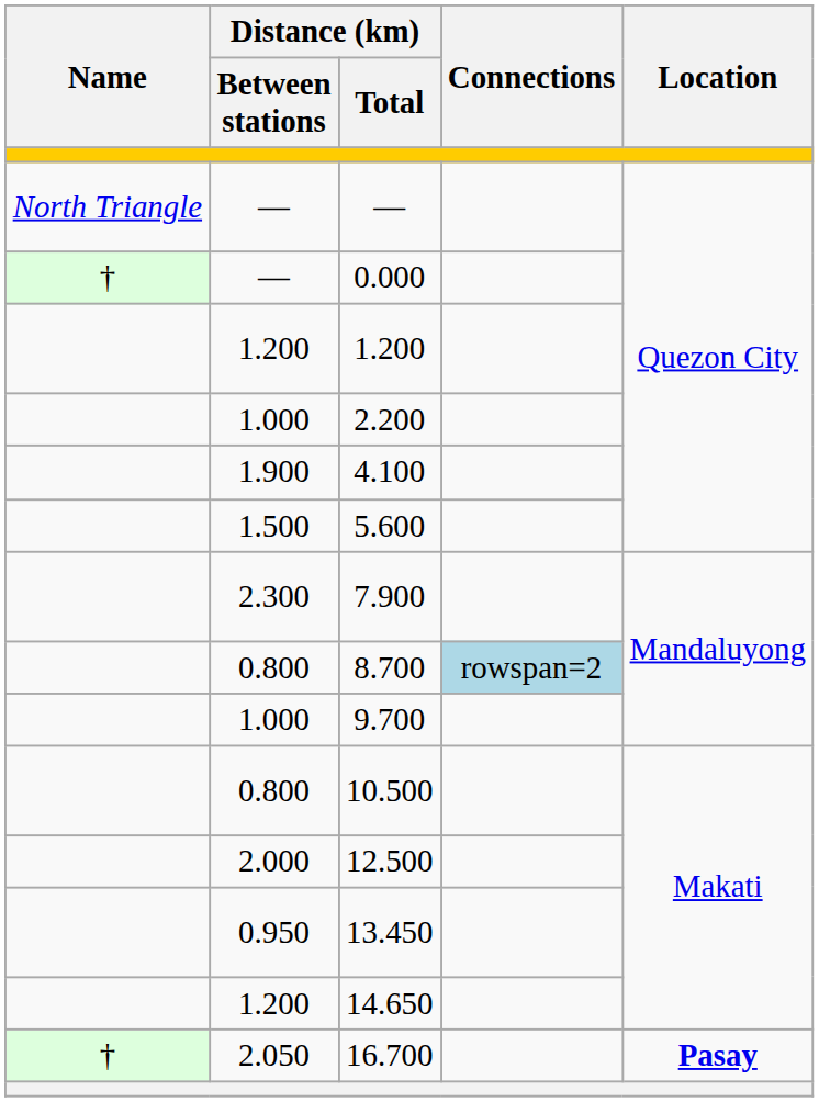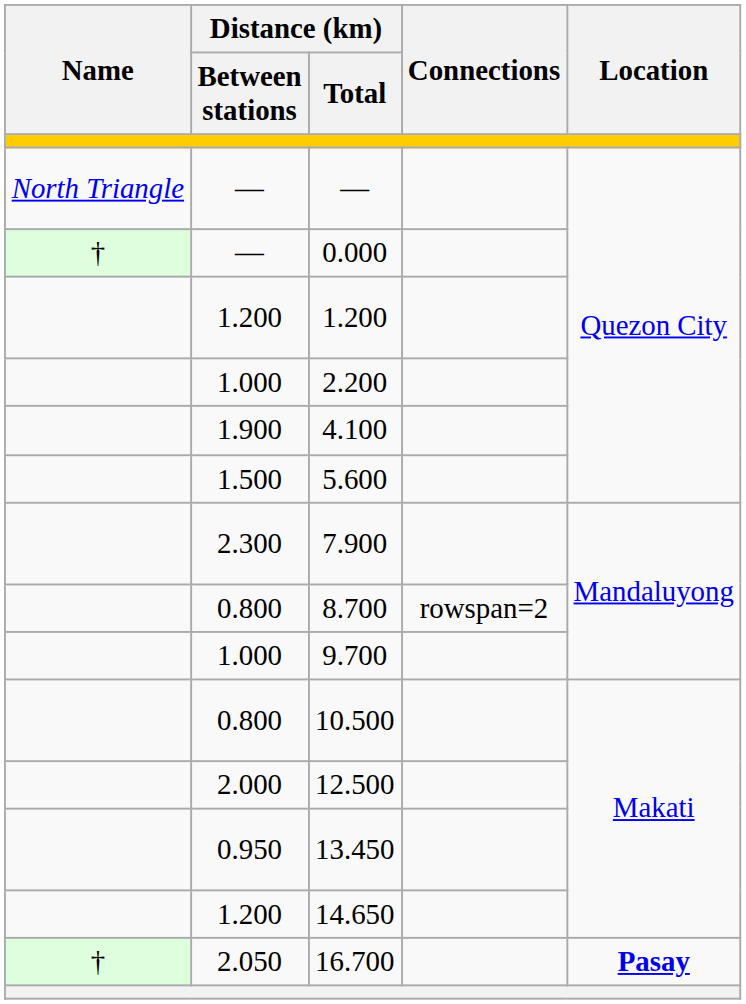 <table class="wikitable collapsible" style="border: none; text-align:center;font-size:95%;">
 <tr>
 <th rowspan="2">Name</th>
 <th colspan="2">Distance (km)</th>
 <th rowspan="2">Connections</th>
 <th rowspan="2">Location</th>
 </tr>
 <tr>
 <th>Between<br>stations</th>
 <th>Total</th>
 </tr>
 <tr style = "background:#ffcc00; height: 2pt">
 <td colspan="6"></td>
 </tr>
 <tr>
 <td><em><a href='#'>North Triangle</a></em></td>
 <td>—</td>
 <td>—</td>
 <td style="text-align:left"><br><br></td>
 <td rowspan="6"><a href='#'>Quezon City</a></td>
 </tr>
 <tr>
 <td style="background-color:#ddffdd"> †</td>
 <td>—</td>
 <td>0.000</td>
 <td style="text-align:left"><br></td>
 </tr>
 <tr>
 <td></td>
 <td>1.200</td>
 <td>1.200</td>
 <td style="text-align:left"><br><br></td>
 </tr>
 <tr>
 <td></td>
 <td>1.000</td>
 <td>2.200</td>
 <td style="text-align:left"><br></td>
 </tr>
 <tr>
 <td></td>
 <td>1.900</td>
 <td>4.100</td>
 <td style="text-align:left"><br></td>
 </tr>
 <tr>
 <td></td>
 <td>1.500</td>
 <td>5.600</td>
 <td style="text-align:left"><br></td>
 </tr>
 <tr>
 <td></td>
 <td>2.300</td>
 <td>7.900</td>
 <td style="text-align:left"><br><br></td>
 <td rowspan="3"><a href='#'>Mandaluyong</a></td>
 </tr>
 <tr>
 <td></td>
 <td>0.800</td>
 <td>8.700</td>
-<td style="background: lightblue;">rowspan=2 </td>
+<td>rowspan=2 </td>
 </tr>
 <tr>
 <td></td>
 <td>1.000</td>
 <td>9.700</td>
 </tr>
 <tr>
 <td></td>
 <td>0.800</td>
 <td>10.500</td>
 <td style="text-align:left"><br><br></td>
 <td rowspan="4"><a href='#'>Makati</a></td>
 </tr>
 <tr>
 <td></td>
 <td>2.000</td>
 <td>12.500</td>
 <td style="text-align:left"></td>
 </tr>
 <tr>
 <td></td>
 <td>0.950</td>
 <td>13.450</td>
 <td style="text-align:left"><br><br></td>
 </tr>
 <tr>
 <td></td>
 <td>1.200</td>
 <td>14.650</td>
 <td style="text-align:left"><br></td>
 </tr>
 <tr>
 <td style="background-color:#ddffdd"> †</td>
 <td>2.050</td>
 <td>16.700</td>
 <td style="text-align:left"><br></td>
 <td><strong><a href='#'>Pasay</a></strong></td>
 </tr>
 <tr>
 <th colspan="5"></th>
 </tr>
 </table>
